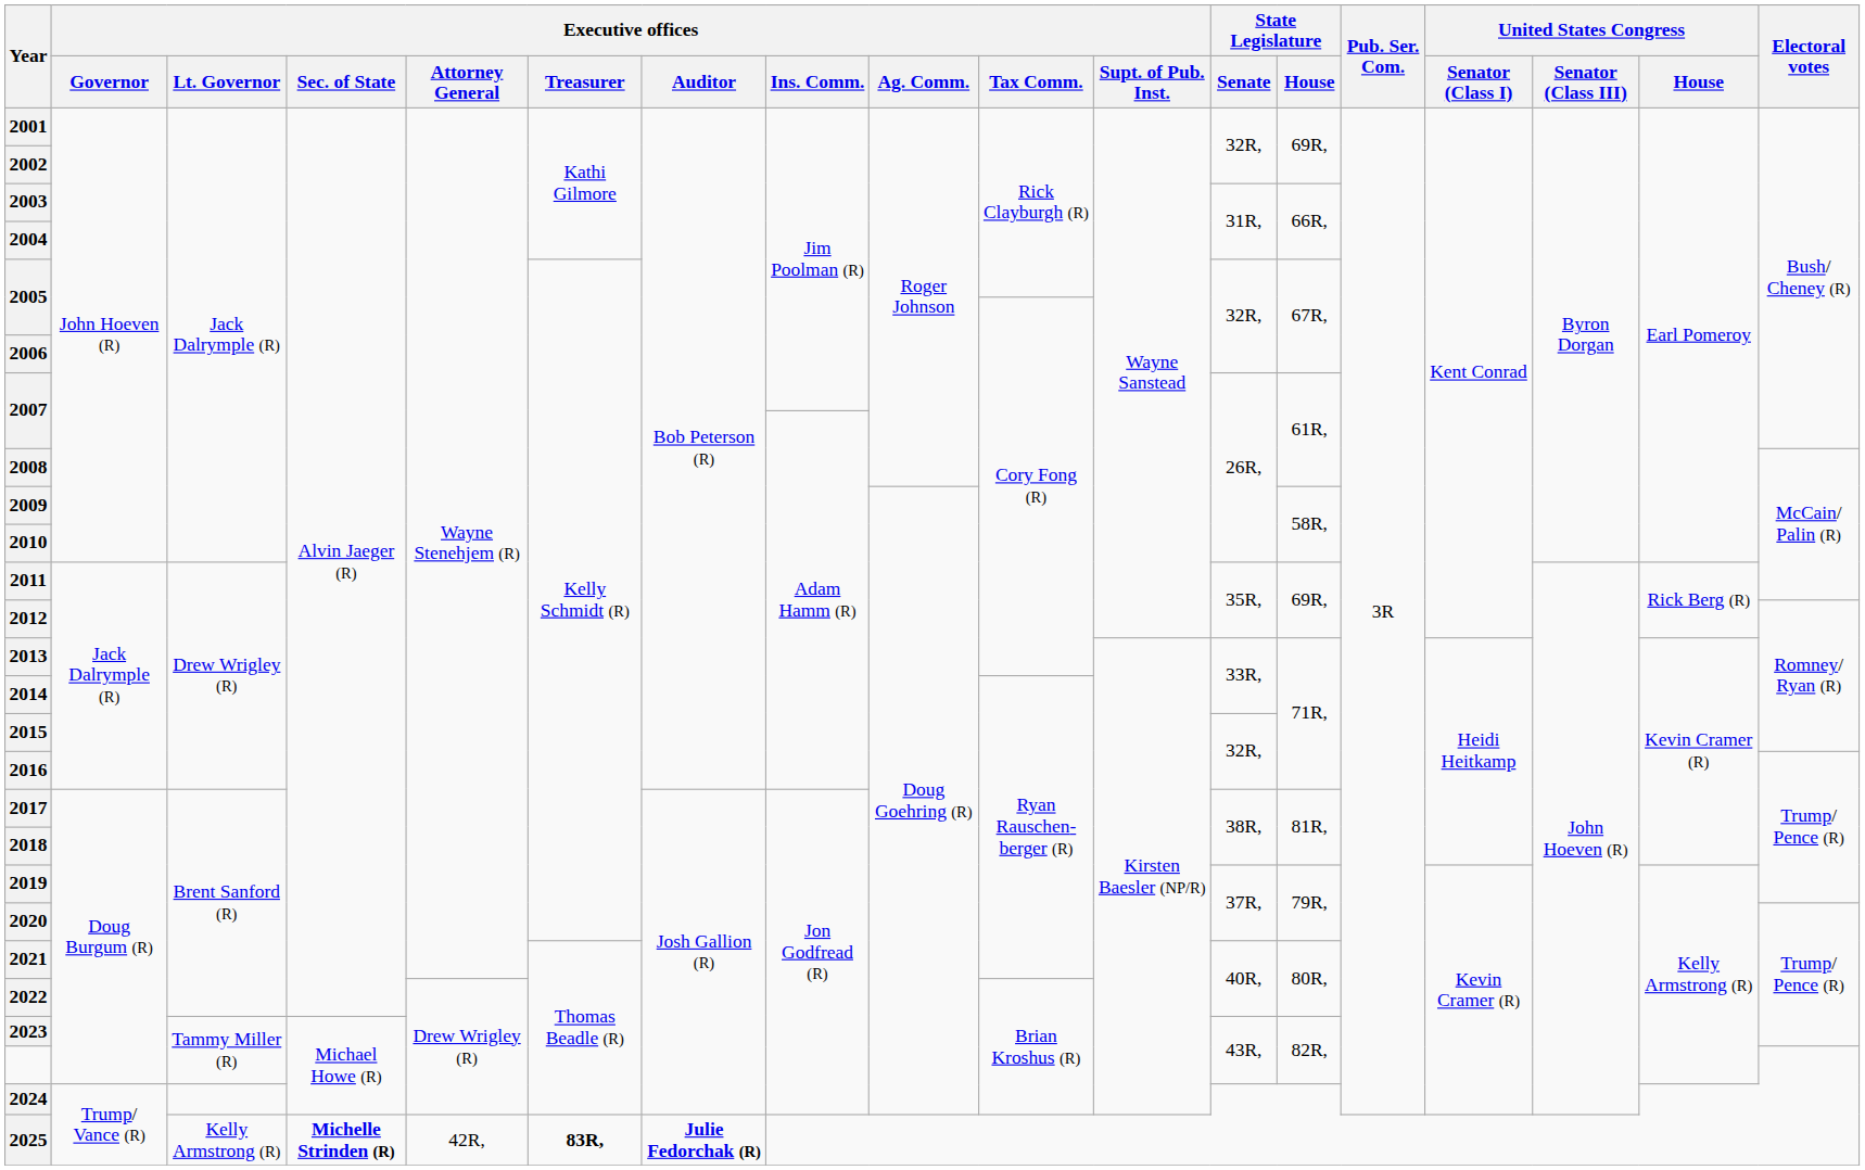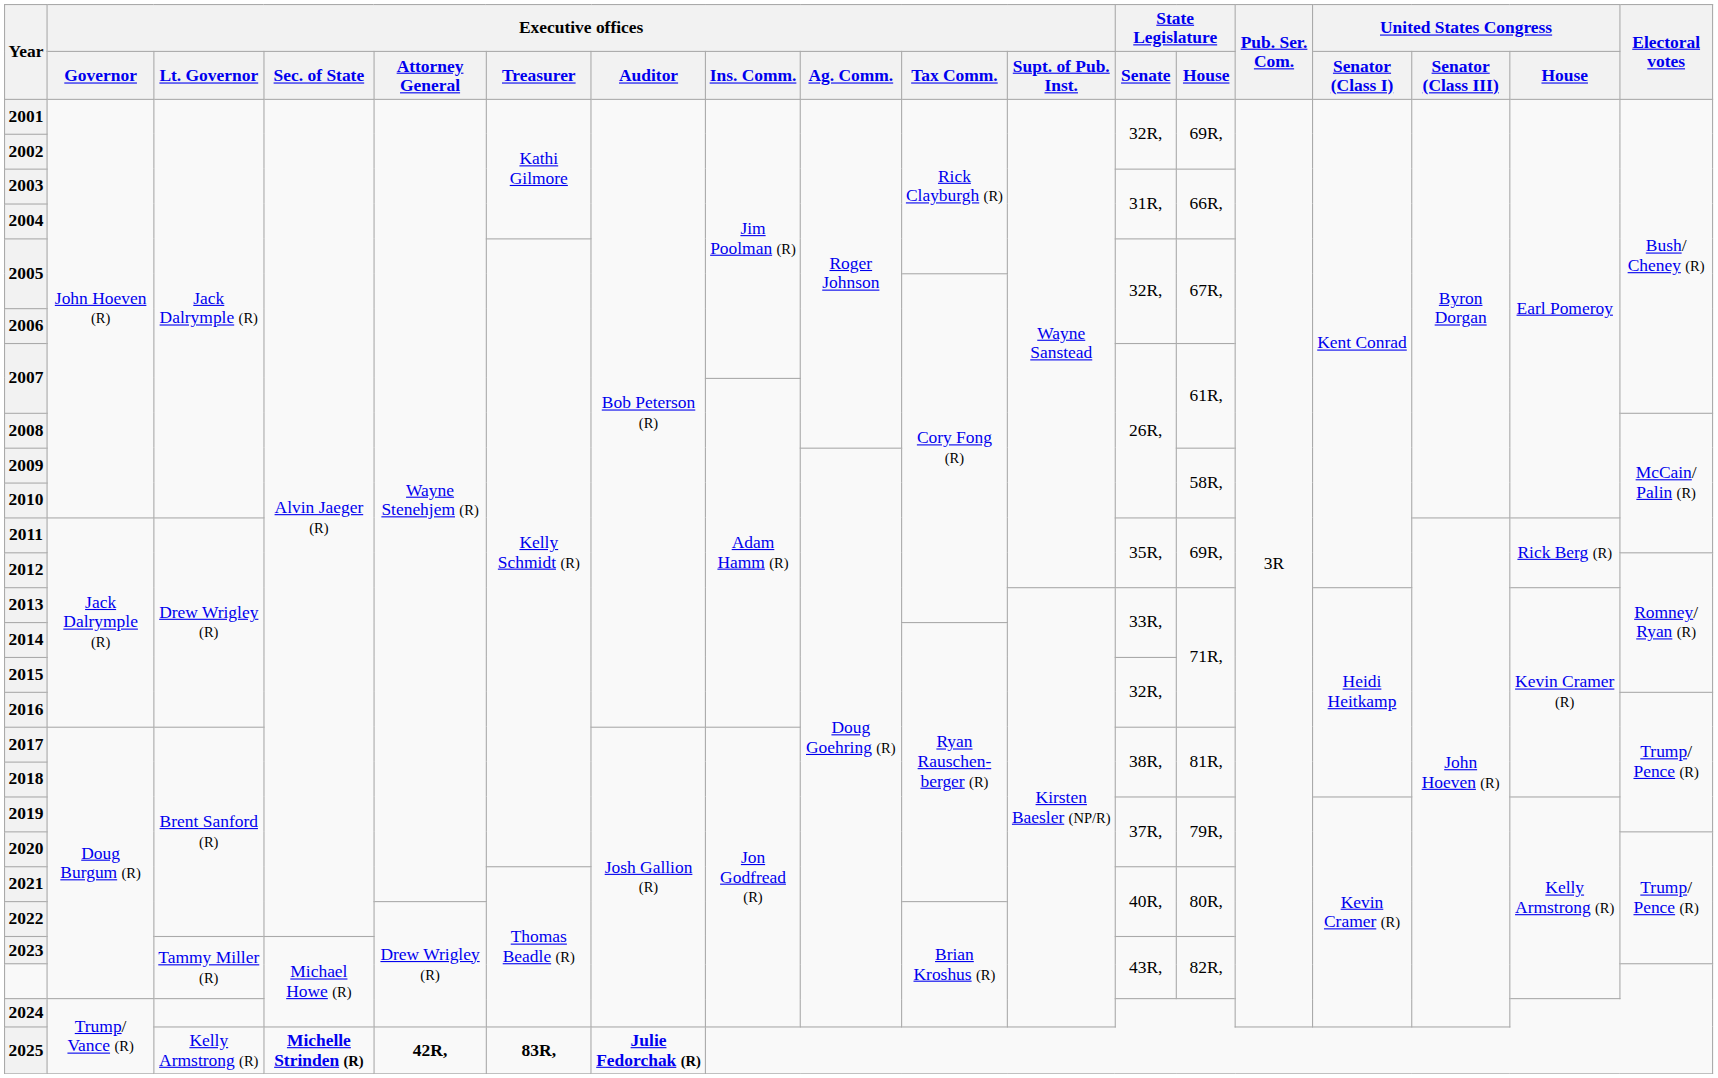 <table class="wikitable sortable sticky-header-multi" style="text-align:center">
 <tr>
 <th rowspan=2 class=unsortable>Year</th>
 <th colspan=10>Executive offices</th>
 <th colspan=2><a href='#'>State Legislature</a></th>
 <th rowspan=2 class=unsortable><a href='#'>Pub. Ser. Com.</a></th>
 <th colspan=3><a href='#'>United States Congress</a></th>
 <th rowspan=2 class=unsortable><a href='#'>Electoral votes</a></th>
 </tr>
 <tr style="height:2em">
 <th class=unsortable><a href='#'>Governor</a></th>
 <th class=unsortable><a href='#'>Lt. Governor</a></th>
 <th class=unsortable><a href='#'>Sec. of State</a></th>
 <th class=unsortable><a href='#'>Attorney General</a></th>
 <th class=unsortable><a href='#'>Treasurer</a></th>
 <th class=unsortable><a href='#'>Auditor</a></th>
 <th class=unsortable><a href='#'>Ins. Comm.</a></th>
 <th class=unsortable><a href='#'>Ag. Comm.</a></th>
 <th class=unsortable><a href='#'>Tax Comm.</a></th>
 <th class=unsortable><a href='#'>Supt. of Pub. Inst.</a></th>
 <th class=unsortable><a href='#'>Senate</a></th>
 <th class=unsortable><a href='#'>House</a></th>
 <th class=unsortable><a href='#'>Senator (Class I)</a></th>
 <th class=unsortable><a href='#'>Senator (Class III)</a></th>
 <th class=unsortable><a href='#'>House</a></th>
 </tr>
 <tr style="height:2em">
 <th>2001</th>
 <td rowspan=12 ><a href='#'>John Hoeven</a> <small>(R)</small></td>
 <td rowspan=12 ><a href='#'>Jack Dalrymple</a> <small>(R)</small></td>
 <td rowspan=24 ><a href='#'>Alvin Jaeger</a> <small>(R)</small></td>
 <td rowspan=23 ><a href='#'>Wayne Stenehjem</a> <small>(R)</small></td>
 <td rowspan=4 ><a href='#'>Kathi Gilmore</a> </td>
 <td rowspan=18 ><a href='#'>Bob Peterson</a> <small>(R)</small></td>
 <td rowspan=8 ><a href='#'>Jim Poolman</a> <small>(R)</small></td>
 <td rowspan=10 ><a href='#'>Roger Johnson</a> </td>
 <td rowspan=5 ><a href='#'>Rick Clayburgh</a> <small>(R)</small></td>
 <td rowspan=14 ><a href='#'>Wayne Sanstead</a> </td>
 <td rowspan=2 >32R, </td>
 <td rowspan=2 >69R, </td>
 <td rowspan=27 >3R</td>
 <td rowspan=14 ><a href='#'>Kent Conrad</a> </td>
 <td rowspan=12 ><a href='#'>Byron Dorgan</a> </td>
 <td rowspan=12 ><a href='#'>Earl Pomeroy</a> </td>
 <td rowspan=9 ><a href='#'>Bush</a>/<br><a href='#'>Cheney</a> <small>(R)</small> </td>
 </tr>
 <tr style="height:2em">
 <th>2002</th>
 </tr>
 <tr style="height:2em">
 <th>2003</th>
 <td rowspan=2 >31R, </td>
 <td rowspan=2 >66R, </td>
 </tr>
 <tr style="height:2em">
 <th>2004</th>
 </tr>
 <tr style="height:2em">
 <th rowspan=2>2005</th>
 <td rowspan=18 ><a href='#'>Kelly Schmidt</a> <small>(R)</small></td>
 <td rowspan=3 >32R, </td>
 <td rowspan=3 >67R, </td>
 </tr>
 <tr style="height:2em">
 <td rowspan=10 ><a href='#'>Cory Fong</a> <small>(R)</small></td>
 </tr>
 <tr style="height:2em">
 <th>2006</th>
 </tr>
 <tr style="height:2em">
 <th rowspan=2>2007</th>
 <td rowspan=5 >26R, </td>
 <td rowspan=3 >61R, </td>
 </tr>
 <tr style="height:2em">
 <td rowspan=10 ><a href='#'>Adam Hamm</a> <small>(R)</small></td>
 </tr>
 <tr style="height:2em">
 <th>2008</th>
 <td rowspan=4 ><a href='#'>McCain</a>/<br><a href='#'>Palin</a> <small>(R)</small> </td>
 </tr>
 <tr style="height:2em">
 <th>2009</th>
 <td rowspan=17 ><a href='#'>Doug Goehring</a> <small>(R)</small></td>
 <td rowspan=2 >58R, </td>
 </tr>
 <tr style="height:2em">
 <th>2010</th>
 </tr>
 <tr style="height:2em">
 <th>2011</th>
 <td rowspan=6 ><a href='#'>Jack Dalrymple</a> <small>(R)</small></td>
 <td rowspan=6 ><a href='#'>Drew Wrigley</a> <small>(R)</small></td>
 <td rowspan=2 >35R, </td>
 <td rowspan=2 >69R, </td>
 <td rowspan=15 ><a href='#'>John Hoeven</a> <small>(R)</small></td>
 <td rowspan=2 ><a href='#'>Rick Berg</a> <small>(R)</small></td>
 </tr>
 <tr style="height:2em">
 <th>2012</th>
 <td rowspan=4 ><a href='#'>Romney</a>/<br><a href='#'>Ryan</a> <small>(R)</small> </td>
 </tr>
 <tr style="height:2em">
 <th>2013</th>
 <td rowspan=13 ><a href='#'>Kirsten Baesler</a> <small>(NP/R)</small></td>
 <td rowspan=2 >33R, </td>
 <td rowspan=4 >71R, </td>
 <td rowspan=6 ><a href='#'>Heidi Heitkamp</a> </td>
 <td rowspan=6 ><a href='#'>Kevin Cramer</a> <small>(R)</small></td>
 </tr>
 <tr style="height:2em">
 <th>2014</th>
 <td rowspan=8 ><a href='#'>Ryan<br>Rauschen­berger</a> <small>(R)</small></td>
 </tr>
 <tr style="height:2em">
 <th>2015</th>
 <td rowspan=2 >32R, </td>
 </tr>
 <tr style="height:2em">
 <th>2016</th>
 <td rowspan=4 ><a href='#'>Trump</a>/<br><a href='#'>Pence</a> <small>(R)</small> </td>
 </tr>
 <tr style="height:2em">
 <th>2017</th>
 <td rowspan=8 ><a href='#'>Doug Burgum</a> <small>(R)</small></td>
 <td rowspan=6 ><a href='#'>Brent Sanford</a> <small>(R)</small></td>
 <td rowspan=9 ><a href='#'>Josh Gallion</a> <small>(R)</small></td>
 <td rowspan=9 ><a href='#'>Jon Godfread</a> <small>(R)</small></td>
 <td rowspan=2 >38R, </td>
 <td rowspan=2 >81R, </td>
 </tr>
 <tr style="height:2em">
 <th>2018</th>
 </tr>
 <tr style="height:2em">
 <th>2019</th>
 <td rowspan=2 >37R, </td>
 <td rowspan=2 >79R, </td>
 <td rowspan=7 ><a href='#'>Kevin Cramer</a> <small>(R)</small></td>
 <td rowspan=6 ><a href='#'>Kelly Armstrong</a> <small>(R)</small></td>
 </tr>
 <tr style="height:2em">
 <th>2020</th>
 <td rowspan=4 ><a href='#'>Trump</a>/<br><a href='#'>Pence</a> <small>(R)</small> </td>
 </tr>
 <tr style="height:2em">
 <th>2021</th>
 <td rowspan=5 ><a href='#'>Thomas Beadle</a> <small>(R)</small></td>
 <td rowspan=2 >40R, </td>
 <td rowspan=2 >80R, </td>
 </tr>
 <tr style="height:2em">
 <th>2022</th>
 <td rowspan=4 ><a href='#'>Drew Wrigley</a> <small>(R)</small></td>
 <td rowspan=4 ><a href='#'>Brian Kroshus</a> <small>(R)</small></td>
 </tr>
 <tr>
 <th>2023</th>
 <td rowspan=2 ><a href='#'>Tammy Miller</a> <small>(R)</small></td>
 <td rowspan=3 ><a href='#'>Michael Howe</a> <small>(R)</small></td>
 <td rowspan=2 >43R, </td>
 <td rowspan=2 >82R, </td>
 </tr>
 <tr style="height:2em">
 </tr>
 <tr>
 <th>2024</th>
 <td rowspan=2 ><a href='#'>Trump</a>/<br><a href='#'>Vance</a> <small>(R)</small> </td>
 </tr>
 <tr>
 <th>2025</th>
 <td rowspan=1 ><a href='#'>Kelly Armstrong</a> <small>(R)</small></td>
 <td rowspan=1 ><strong><a href='#'>Michelle Strinden</a> <small>(R)</small></strong></td>
-<td rowspan=1 >42R, </td>
+<td rowspan=1 ><strong>42R, </strong></td>
 <td rowspan=1 ><strong>83R, </strong></td>
 <td rowspan=1 ><strong><a href='#'>Julie Fedorchak</a> <small>(R)</small></strong></td>
 </tr>
 </table>
